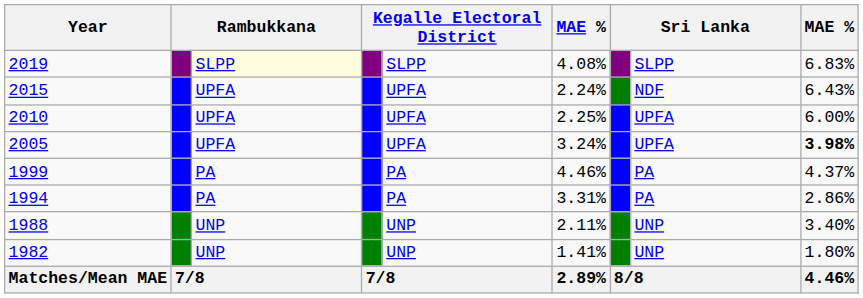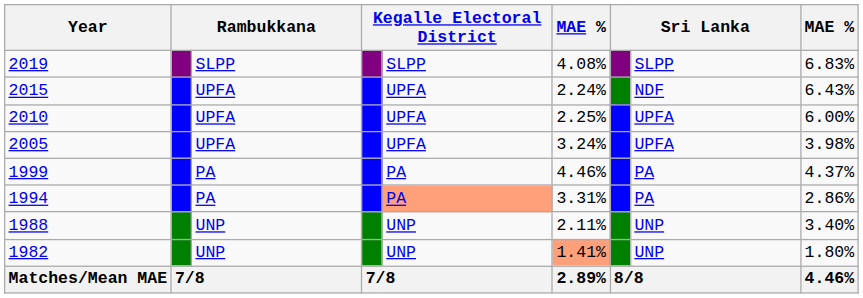 <table class="wikitable">
 <tr>
 <th>Year</th>
 <th colspan="2" width="144px">Rambukkana</th>
 <th colspan="2" width="144px"><a href='#'>Kegalle Electoral District</a></th>
 <th><a href='#'>MAE</a> %</th>
 <th colspan="2" width="144px">Sri Lanka</th>
 <th>MAE %</th>
 </tr>
 <tr>
 <td><a href='#'>2019</a></td>
 <td style="background-color:purple;" width="10px"></td>
-<td style="background: lightyellow; text-align:left;"><a href='#'>SLPP</a></td>
+<td style="text-align:left;"><a href='#'>SLPP</a></td>
 <td style="background-color:purple;" width="10px"></td>
 <td style="text-align:left;"><a href='#'>SLPP</a></td>
 <td style="text-align:right;">4.08%</td>
 <td style="background-color:purple;" width="10px"></td>
 <td style="text-align:left;"><a href='#'>SLPP</a></td>
 <td style="text-align:right;">6.83%</td>
 </tr>
 <tr>
 <td><a href='#'>2015</a></td>
 <td style="background-color:blue;" width="10px"></td>
 <td style="text-align:left;"><a href='#'>UPFA</a></td>
 <td style="background-color:blue;" width="10px"></td>
 <td style="text-align:left;"><a href='#'>UPFA</a></td>
 <td style="text-align:right;">2.24%</td>
 <td style="background-color:green;" width="10px"></td>
 <td style="text-align:left;"><a href='#'>NDF</a></td>
 <td style="text-align:right;">6.43%</td>
 </tr>
 <tr>
 <td><a href='#'>2010</a></td>
 <td style="background-color:blue;" width="10px"></td>
 <td style="text-align:left;"><a href='#'>UPFA</a></td>
 <td style="background-color:blue;" width="10px"></td>
 <td style="text-align:left;"><a href='#'>UPFA</a></td>
 <td style="text-align:right;">2.25%</td>
 <td style="background-color:blue;" width="10px"></td>
 <td style="text-align:left;"><a href='#'>UPFA</a></td>
 <td style="text-align:right;">6.00%</td>
 </tr>
 <tr>
 <td><a href='#'>2005</a></td>
 <td style="background-color:blue;" width="10px"></td>
 <td style="text-align:left;"><a href='#'>UPFA</a></td>
 <td style="background-color:blue;" width="10px"></td>
 <td style="text-align:left;"><a href='#'>UPFA</a></td>
 <td style="text-align:right;">3.24%</td>
 <td style="background-color:blue;" width="10px"></td>
 <td style="text-align:left;"><a href='#'>UPFA</a></td>
-<td style="text-align:right;"><strong>3.98%</strong></td>
+<td style="text-align:right;">3.98%</td>
 </tr>
 <tr>
 <td><a href='#'>1999</a></td>
 <td style="background-color:blue;" width="10px"></td>
 <td style="text-align:left;"><a href='#'>PA</a></td>
 <td style="background-color:blue;" width="10px"></td>
 <td style="text-align:left;"><a href='#'>PA</a></td>
 <td style="text-align:right;">4.46%</td>
 <td style="background-color:blue;" width="10px"></td>
 <td style="text-align:left;"><a href='#'>PA</a></td>
 <td style="text-align:right;">4.37%</td>
 </tr>
 <tr>
 <td><a href='#'>1994</a></td>
 <td style="background-color:blue;" width="10px"></td>
 <td style="text-align:left;"><a href='#'>PA</a></td>
 <td style="background-color:blue;" width="10px"></td>
-<td style="text-align:left;"><a href='#'>PA</a></td>
+<td style="background: lightsalmon; text-align:left;"><a href='#'>PA</a></td>
 <td style="text-align:right;">3.31%</td>
 <td style="background-color:blue;" width="10px"></td>
 <td style="text-align:left;"><a href='#'>PA</a></td>
 <td style="text-align:right;">2.86%</td>
 </tr>
 <tr>
 <td><a href='#'>1988</a></td>
 <td style="background-color:green;" width="10px"></td>
 <td style="text-align:left;"><a href='#'>UNP</a></td>
 <td style="background-color:green;" width="10px"></td>
 <td style="text-align:left;"><a href='#'>UNP</a></td>
 <td style="text-align:right;">2.11%</td>
 <td style="background-color:green;" width="10px"></td>
 <td style="text-align:left;"><a href='#'>UNP</a></td>
 <td style="text-align:right;">3.40%</td>
 </tr>
 <tr>
 <td><a href='#'>1982</a></td>
 <td style="background-color:green;" width="10px"></td>
 <td style="text-align:left;"><a href='#'>UNP</a></td>
 <td style="background-color:green;" width="10px"></td>
 <td style="text-align:left;"><a href='#'>UNP</a></td>
-<td style="text-align:right;">1.41%</td>
+<td style="background: lightsalmon; text-align:right;">1.41%</td>
 <td style="background-color:green;" width="10px"></td>
 <td style="text-align:left;"><a href='#'>UNP</a></td>
 <td style="text-align:right;">1.80%</td>
 </tr>
 <tr>
 <th>Matches/Mean MAE</th>
 <th style="text-align:left;"colspan="2" width="144px">7/8</th>
 <th style="text-align:left;"colspan="2" width="144px">7/8</th>
 <th style="text-align:right;">2.89%</th>
 <th style="text-align:left;"colspan="2" width="144px">8/8</th>
 <th style="text-align:right;">4.46%</th>
 </tr>
 </table>
